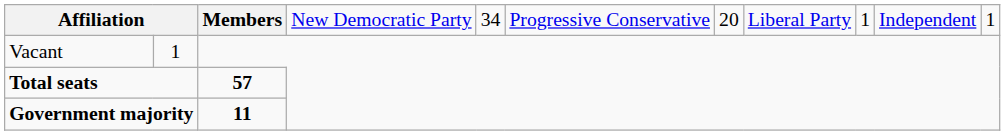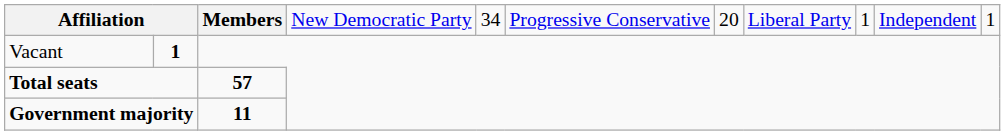 <table class="wikitable">
 <tr>
 <th colspan="2">Affiliation</th>
 <th>Members<br></th>
 <td><a href='#'>New Democratic Party</a></td>
 <td align="center">34<br></td>
 <td><a href='#'>Progressive Conservative</a></td>
 <td align="center">20<br></td>
 <td><a href='#'>Liberal Party</a></td>
 <td align="center">1<br></td>
 <td><a href='#'>Independent</a></td>
 <td align="center">1</td>
 </tr>
 <tr>
 <td>Vacant</td>
-<td align="center">1</td>
+<td align="center"><strong>1</strong></td>
 </tr>
 <tr>
 <td colspan="2"><strong>Total seats</strong></td>
 <td align="center"><strong>57</strong></td>
 </tr>
 <tr>
 <td colspan="2"><strong>Government majority</strong></td>
 <td align="center"><strong>11</strong></td>
 </tr>
 </table>
